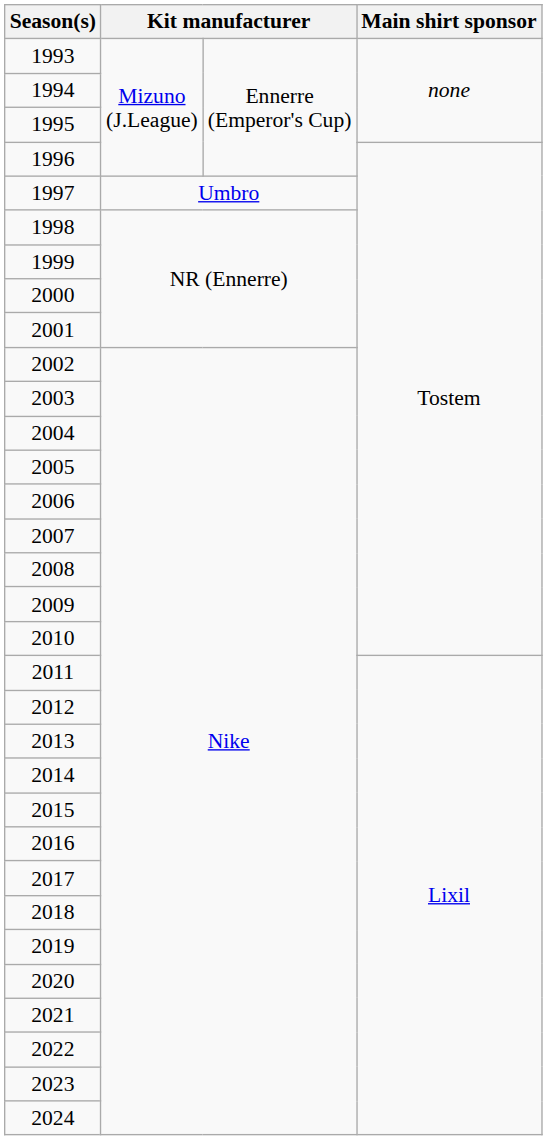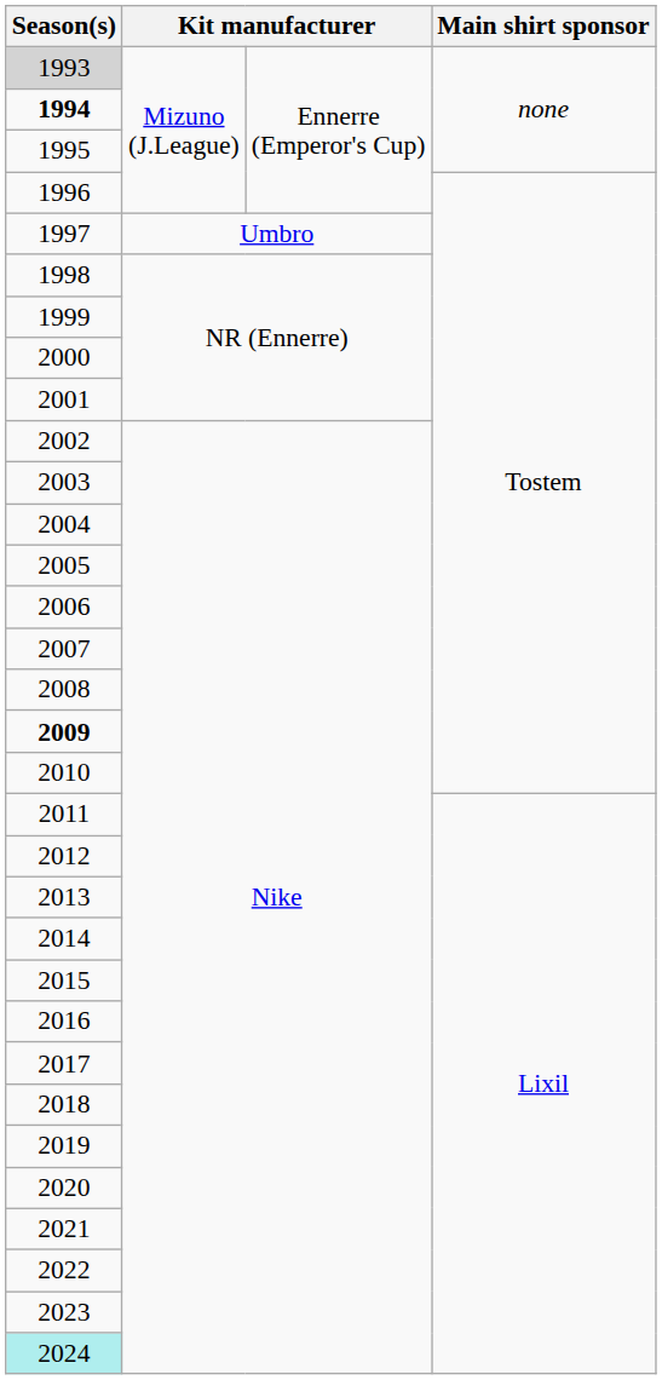 <table class="wikitable" style="text-align:center;">
 <tr>
 <th>Season(s)</th>
 <th colspan="2">Kit manufacturer</th>
 <th>Main shirt sponsor</th>
 </tr>
 <tr>
-<td>1993</td>
+<td style="background: lightgrey;">1993</td>
 <td rowspan="4"><a href='#'>Mizuno</a><br>(J.League)</td>
 <td rowspan="4">Ennerre<br>(Emperor's Cup)</td>
 <td rowspan="3"><em>none</em></td>
 </tr>
 <tr>
-<td>1994</td>
+<td><strong>1994</strong></td>
 </tr>
 <tr>
 <td>1995</td>
 </tr>
 <tr>
 <td>1996</td>
 <td rowspan="15">Tostem</td>
 </tr>
 <tr>
 <td>1997</td>
 <td colspan="2"><a href='#'>Umbro</a></td>
 </tr>
 <tr>
 <td>1998</td>
 <td colspan="2" rowspan="4">NR (Ennerre)</td>
 </tr>
 <tr>
 <td>1999</td>
 </tr>
 <tr>
 <td>2000</td>
 </tr>
 <tr>
 <td>2001</td>
 </tr>
 <tr>
 <td>2002</td>
 <td colspan="2" rowspan="23"><a href='#'>Nike</a></td>
 </tr>
 <tr>
 <td>2003</td>
 </tr>
 <tr>
 <td>2004</td>
 </tr>
 <tr>
 <td>2005</td>
 </tr>
 <tr>
 <td>2006</td>
 </tr>
 <tr>
 <td>2007</td>
 </tr>
 <tr>
 <td>2008</td>
 </tr>
 <tr>
-<td>2009</td>
+<td><strong>2009</strong></td>
 </tr>
 <tr>
 <td>2010</td>
 </tr>
 <tr>
 <td>2011</td>
 <td rowspan="14"><a href='#'>Lixil</a></td>
 </tr>
 <tr>
 <td>2012</td>
 </tr>
 <tr>
 <td>2013</td>
 </tr>
 <tr>
 <td>2014</td>
 </tr>
 <tr>
 <td>2015</td>
 </tr>
 <tr>
 <td>2016</td>
 </tr>
 <tr>
 <td>2017</td>
 </tr>
 <tr>
 <td>2018</td>
 </tr>
 <tr>
 <td>2019</td>
 </tr>
 <tr>
 <td>2020</td>
 </tr>
 <tr>
 <td>2021</td>
 </tr>
 <tr>
 <td>2022</td>
 </tr>
 <tr>
 <td>2023</td>
 </tr>
 <tr>
-<td>2024</td>
+<td style="background: paleturquoise;">2024</td>
 </tr>
 </table>
